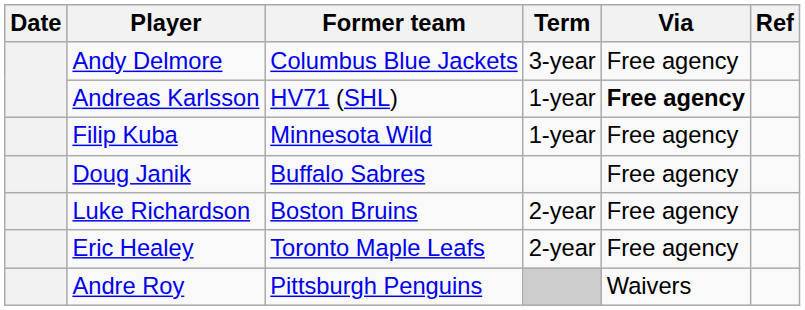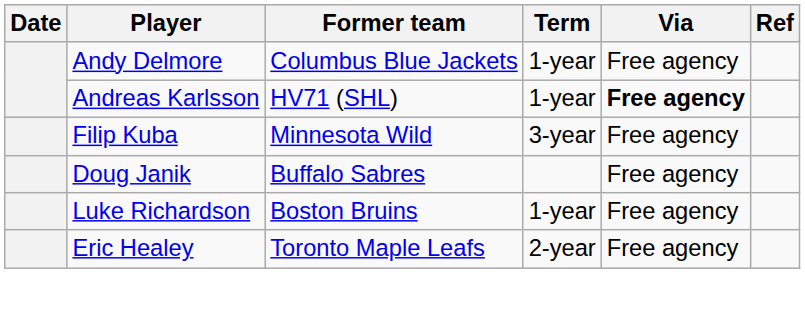 <table class="wikitable plainrowheaders">
 <tr style="background:#ddd; text-align:center;">
 <th>Date</th>
 <th>Player</th>
 <th>Former team</th>
 <th>Term</th>
 <th>Via</th>
 <th>Ref</th>
 </tr>
 <tr>
 <th scope="row" rowspan=2></th>
 <td><a href='#'>Andy Delmore</a></td>
 <td><a href='#'>Columbus Blue Jackets</a></td>
-<td>3-year</td>
+<td>1-year</td>
 <td>Free agency</td>
 <td></td>
 </tr>
 <tr>
 <td><a href='#'>Andreas Karlsson</a></td>
 <td><a href='#'>HV71</a> (<a href='#'>SHL</a>)</td>
 <td>1-year</td>
 <td><strong>Free agency</strong></td>
 <td></td>
 </tr>
 <tr>
 <th scope="row"></th>
 <td><a href='#'>Filip Kuba</a></td>
 <td><a href='#'>Minnesota Wild</a></td>
-<td>1-year</td>
+<td>3-year</td>
 <td>Free agency</td>
 <td></td>
 </tr>
 <tr>
 <th scope="row"></th>
 <td><a href='#'>Doug Janik</a></td>
 <td><a href='#'>Buffalo Sabres</a></td>
 <td></td>
 <td>Free agency</td>
 <td></td>
 </tr>
 <tr>
 <th scope="row"></th>
 <td><a href='#'>Luke Richardson</a></td>
 <td><a href='#'>Boston Bruins</a></td>
-<td>2-year</td>
+<td>1-year</td>
 <td>Free agency</td>
 <td></td>
 </tr>
 <tr>
 <th scope="row"></th>
 <td><a href='#'>Eric Healey</a></td>
 <td><a href='#'>Toronto Maple Leafs</a></td>
 <td>2-year</td>
 <td>Free agency</td>
 <td></td>
 </tr>
-<tr>
-<th scope="row"></th>
-<td><a href='#'>Andre Roy</a></td>
-<td><a href='#'>Pittsburgh Penguins</a></td>
-<td style="background:#ccc"></td>
-<td>Waivers</td>
-<td></td>
-</tr>
 </table>
